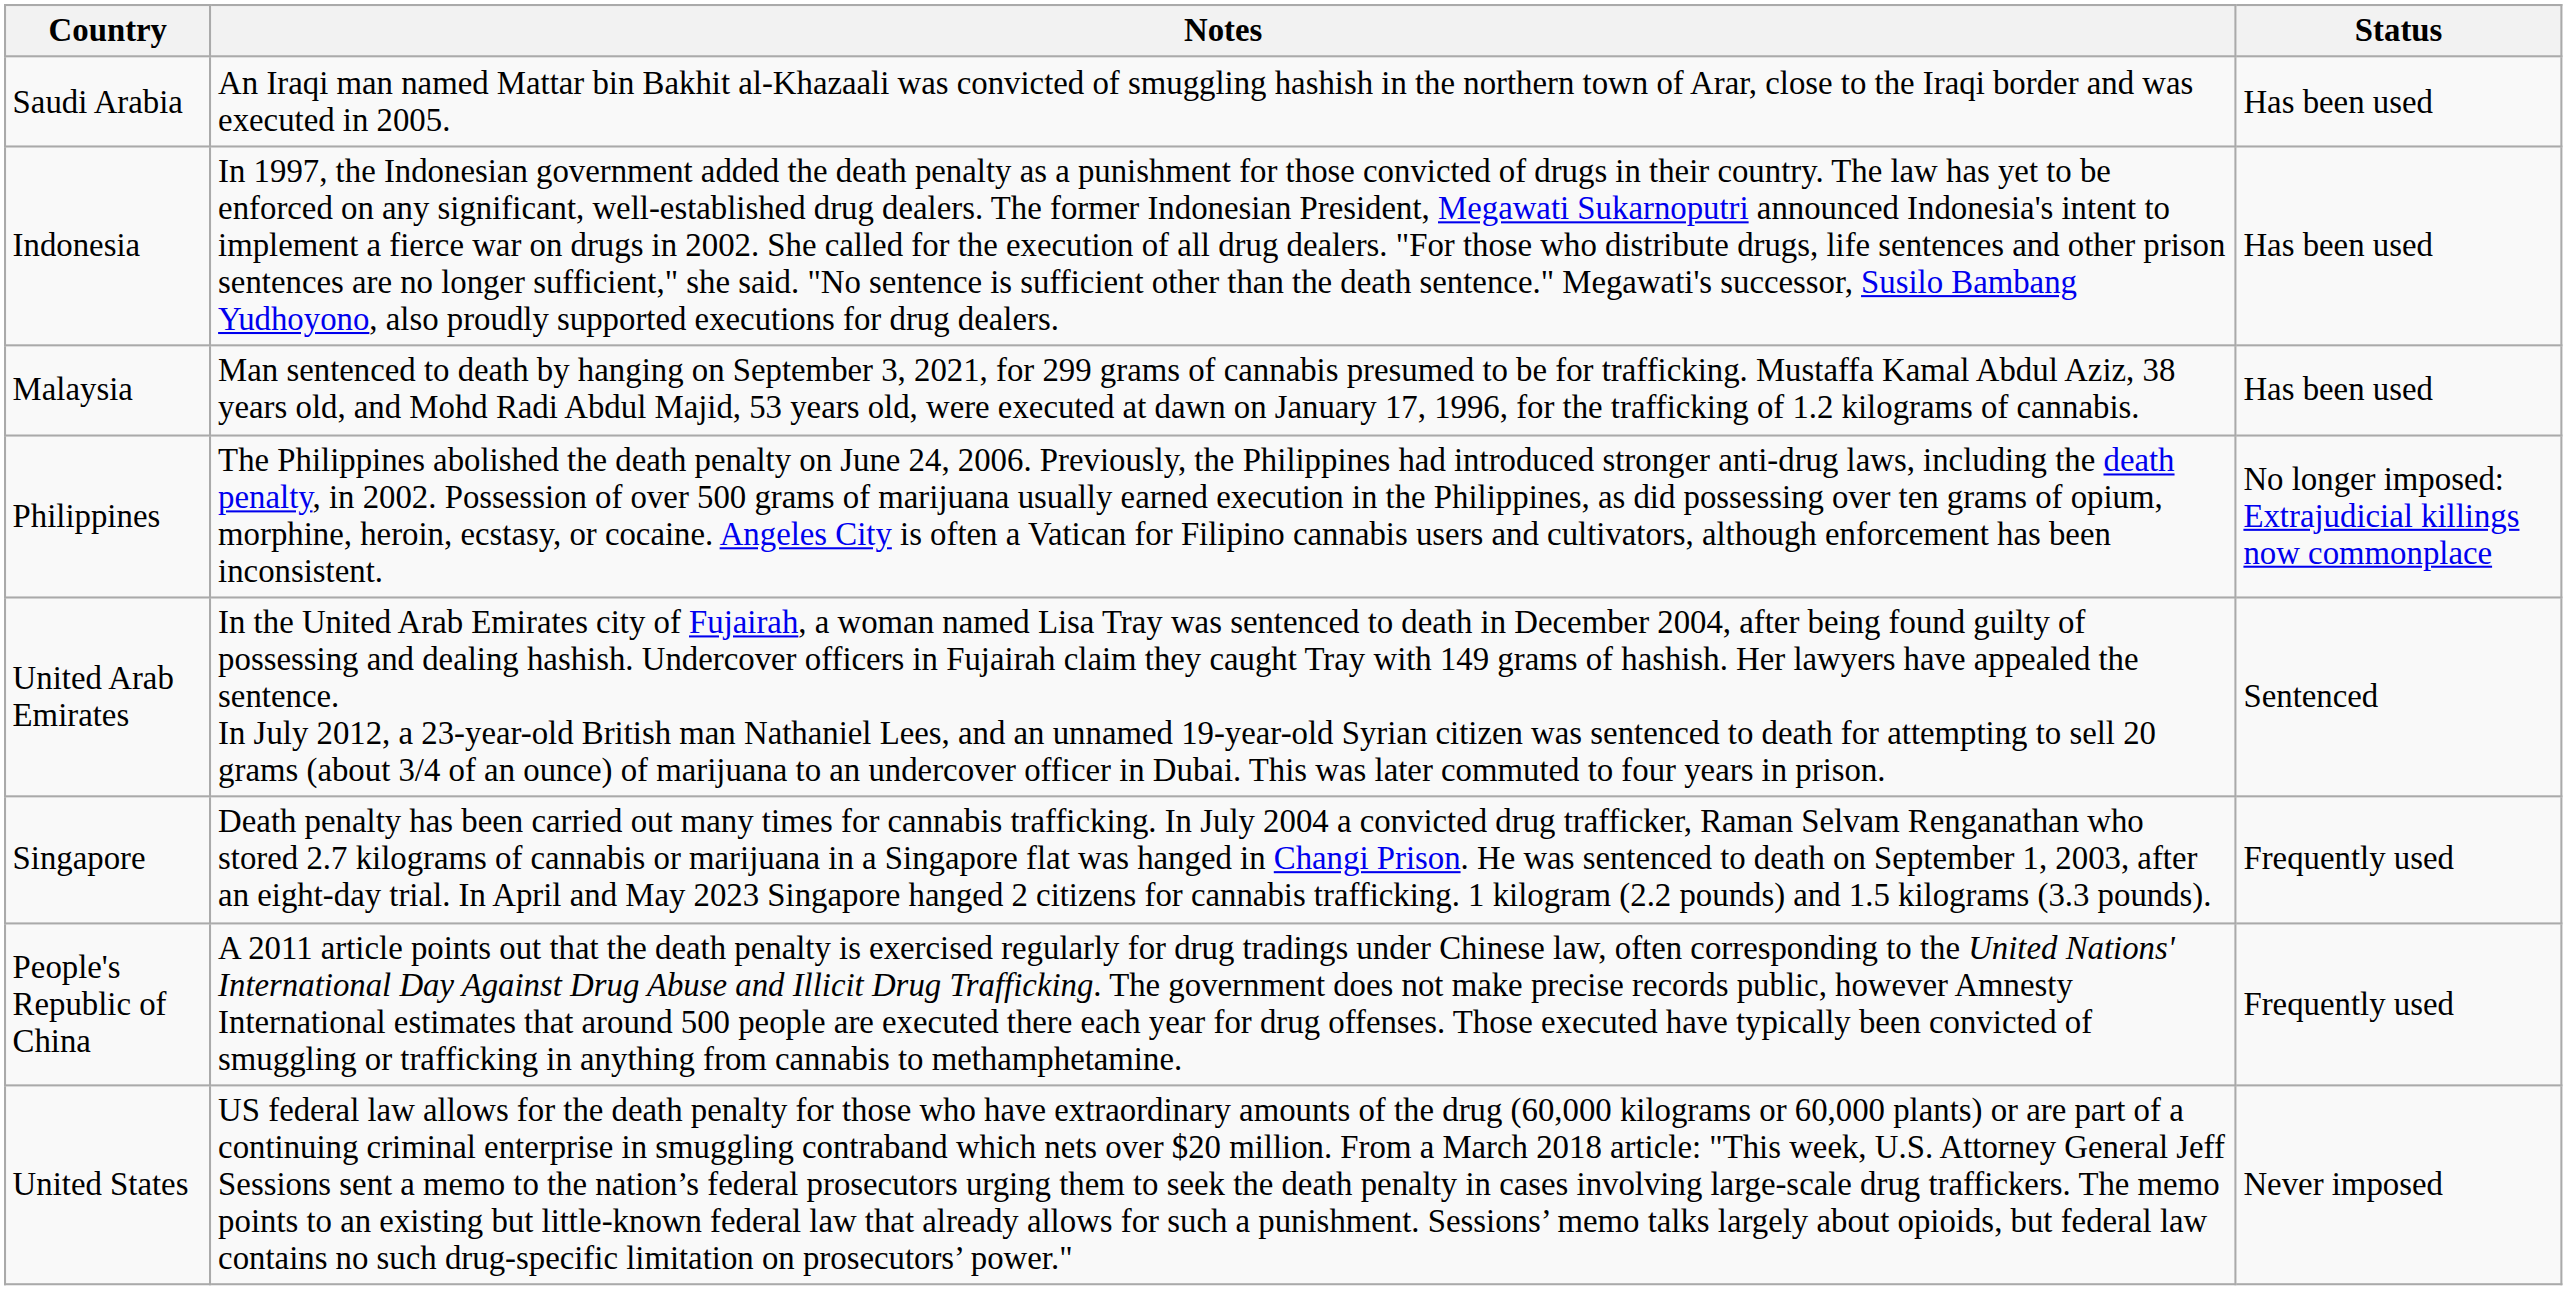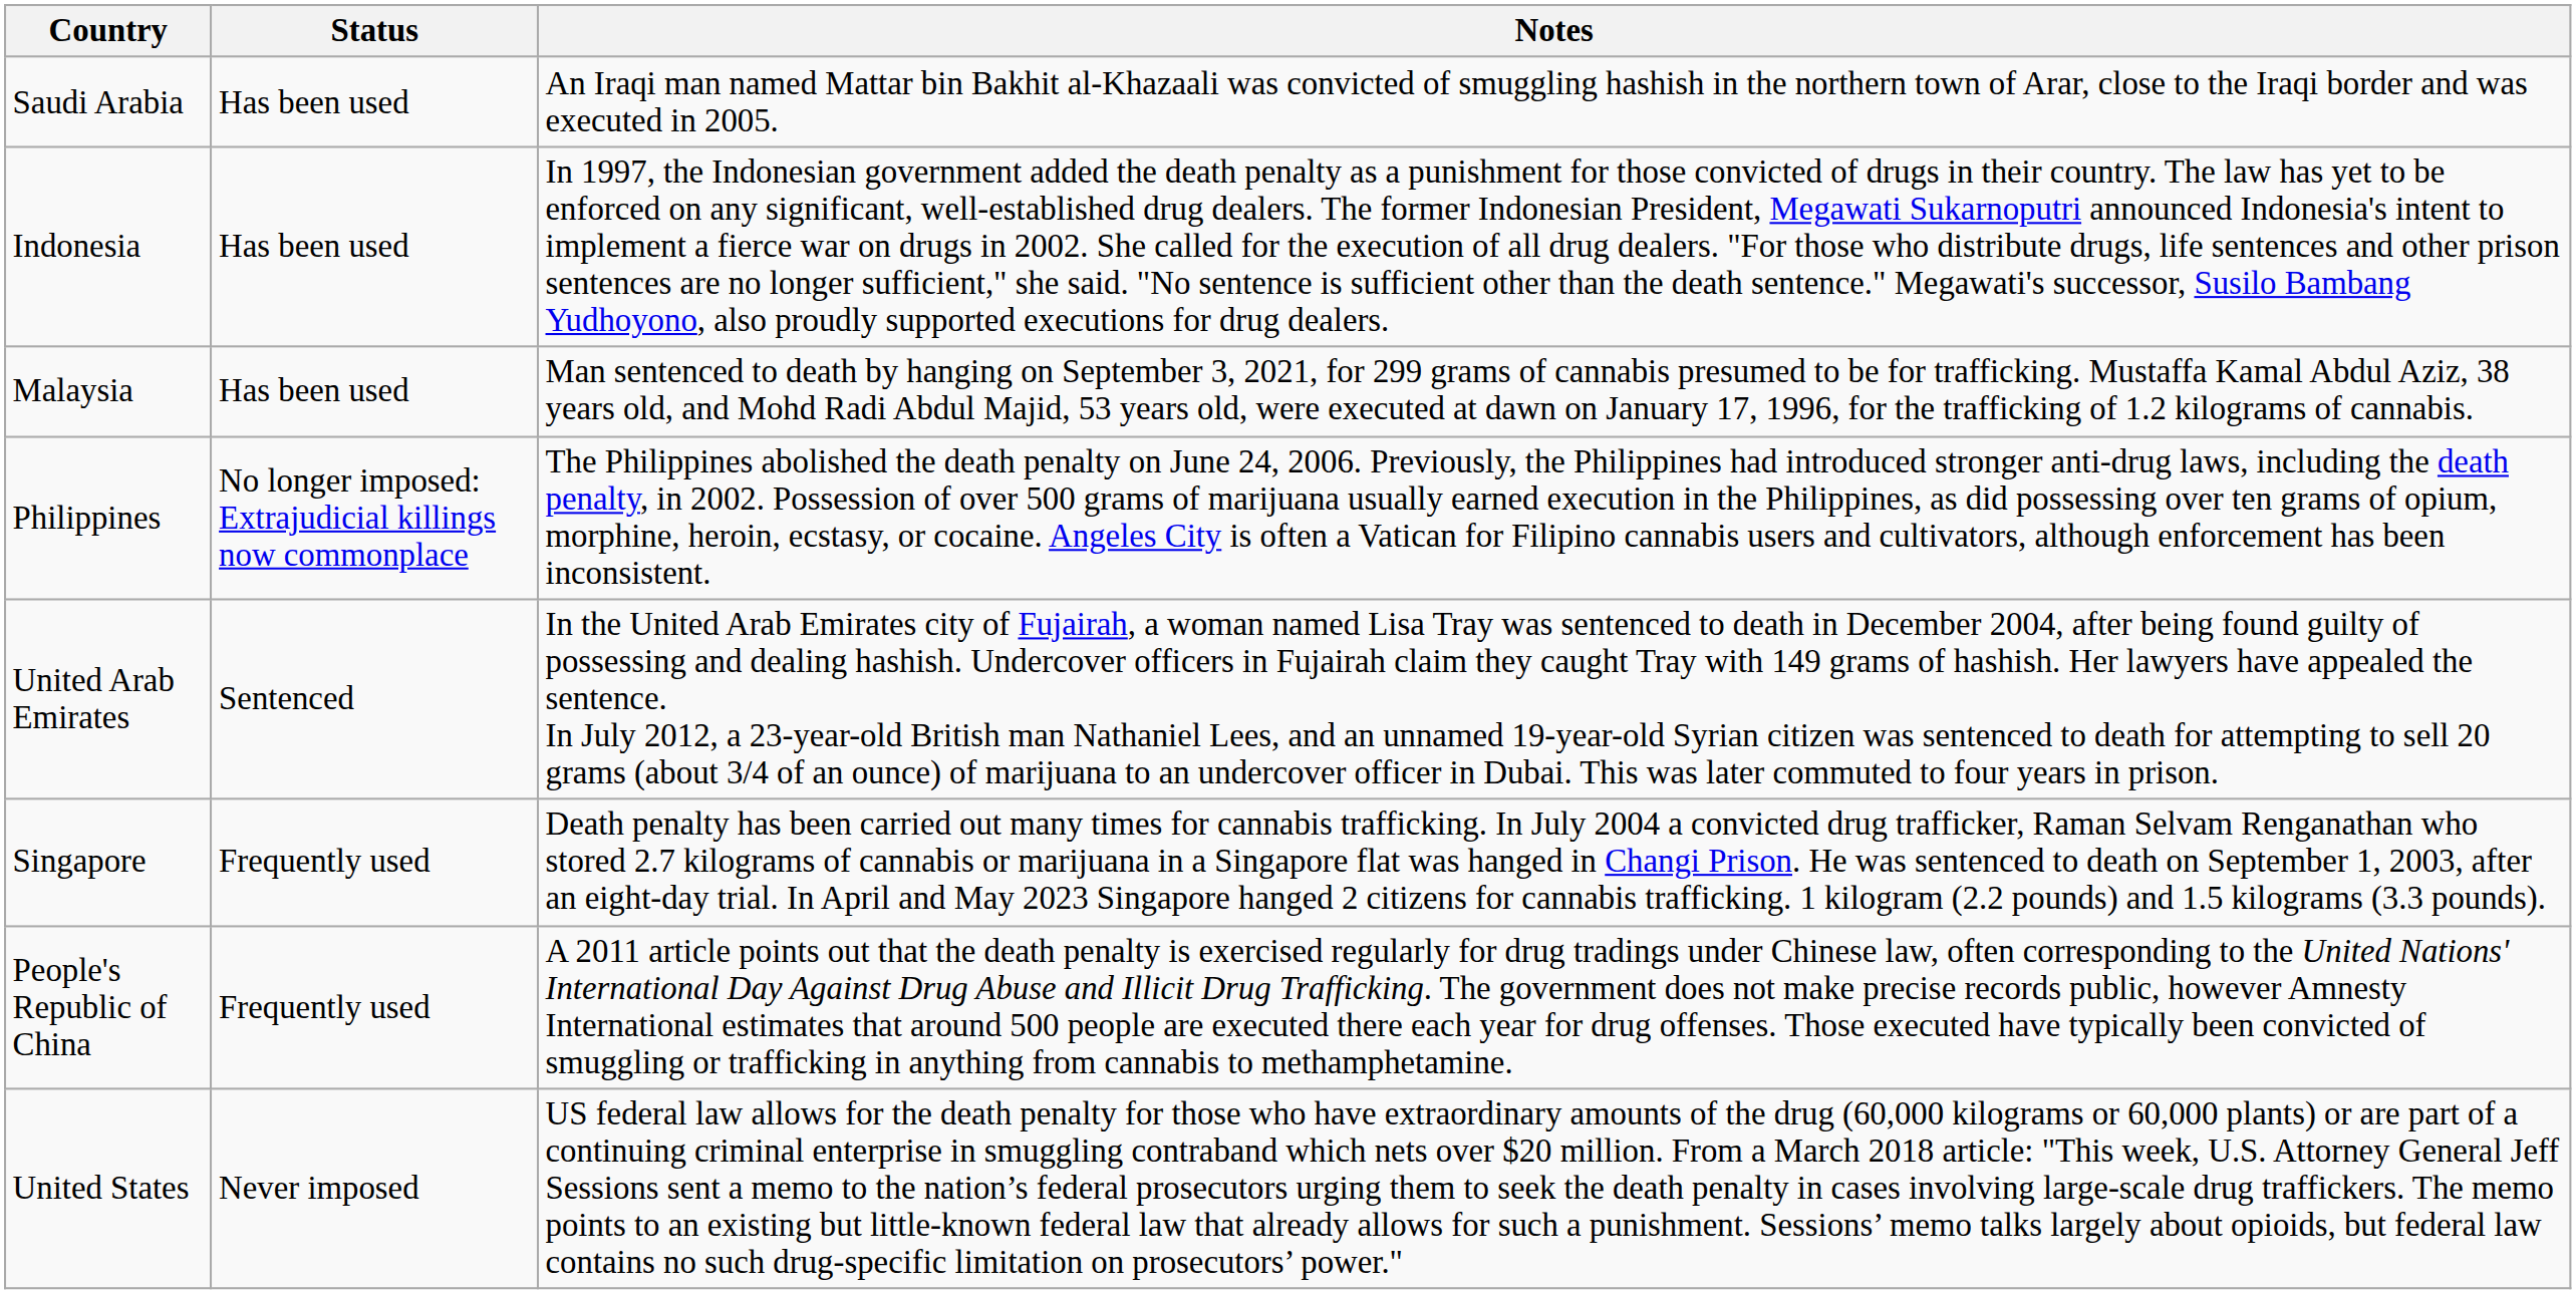 <table class="wikitable sortable">
 <tr>
 <th>Country</th>
+<th>Status</th>
 <th class="unsortable">Notes</th>
-<th>Status</th>
 </tr>
 <tr>
 <td>Saudi Arabia</td>
+<td>Has been used</td>
 <td>An Iraqi man named Mattar bin Bakhit al-Khazaali was convicted of smuggling hashish in the northern town of Arar, close to the Iraqi border and was executed in 2005.</td>
-<td>Has been used</td>
 </tr>
 <tr>
 <td>Indonesia</td>
+<td>Has been used</td>
 <td>In 1997, the Indonesian government  added the death penalty as a punishment for those convicted of drugs in their country. The law has yet to be enforced on any significant, well-established drug dealers. The former Indonesian President, <a href='#'>Megawati Sukarnoputri</a> announced Indonesia's intent to implement a fierce war on drugs in 2002. She called for the execution of all drug dealers. "For those who distribute drugs, life sentences and other prison sentences are no longer sufficient," she said. "No sentence is sufficient other than the death sentence." Megawati's successor, <a href='#'>Susilo Bambang Yudhoyono</a>, also proudly supported executions for drug dealers.</td>
-<td>Has been used</td>
 </tr>
 <tr>
 <td>Malaysia</td>
+<td>Has been used</td>
 <td>Man sentenced to death by hanging on September 3, 2021, for 299 grams of cannabis presumed to be for trafficking. Mustaffa Kamal Abdul Aziz, 38 years old, and Mohd Radi Abdul Majid, 53 years old, were executed at dawn on January 17, 1996, for the trafficking of 1.2 kilograms of cannabis.</td>
-<td>Has been used</td>
 </tr>
 <tr>
 <td>Philippines</td>
+<td>No longer imposed: <a href='#'>Extrajudicial killings now commonplace</a></td>
 <td>The Philippines abolished the death penalty on June 24, 2006. Previously, the Philippines had introduced stronger anti-drug laws, including the <a href='#'>death penalty</a>, in 2002. Possession of over 500 grams of marijuana usually earned execution in the Philippines, as did possessing over ten grams of opium, morphine, heroin, ecstasy, or cocaine. <a href='#'>Angeles City</a> is often a Vatican for Filipino cannabis users and cultivators, although enforcement has been inconsistent.</td>
-<td>No longer imposed: <a href='#'>Extrajudicial killings now commonplace</a></td>
 </tr>
 <tr>
 <td>United Arab Emirates</td>
+<td>Sentenced</td>
 <td>In the United Arab Emirates city of <a href='#'>Fujairah</a>, a woman named Lisa Tray was sentenced to death in December 2004, after being found guilty of possessing and dealing hashish. Undercover officers in Fujairah claim they caught Tray with 149 grams of hashish. Her lawyers have appealed the sentence.<br>In July 2012, a 23-year-old British man Nathaniel Lees, and an unnamed 19-year-old Syrian citizen was sentenced to death for attempting to sell 20 grams (about 3/4 of an ounce) of marijuana to an undercover officer in Dubai.     This was later commuted to four years in prison.</td>
-<td>Sentenced</td>
 </tr>
 <tr>
 <td>Singapore</td>
+<td>Frequently used</td>
 <td>Death penalty has been carried out many times for cannabis trafficking. In July 2004 a convicted drug trafficker, Raman Selvam Renganathan who stored 2.7 kilograms of cannabis or marijuana in a Singapore flat was hanged in <a href='#'>Changi Prison</a>. He was sentenced to death on September 1, 2003, after an eight-day trial.  In April and May 2023 Singapore hanged 2 citizens for cannabis trafficking. 1 kilogram (2.2 pounds) and 1.5 kilograms (3.3 pounds).</td>
-<td>Frequently used</td>
 </tr>
 <tr>
 <td>People's Republic of China</td>
+<td>Frequently used</td>
 <td>A 2011 article points out that the death penalty is exercised regularly for drug tradings under Chinese law, often corresponding to the <em>United Nations' International Day Against Drug Abuse and Illicit Drug Trafficking</em>. The government does not make precise records public, however Amnesty International estimates that around 500 people are executed there each year for drug offenses. Those executed have typically been convicted of smuggling or trafficking in anything from cannabis to methamphetamine.</td>
-<td>Frequently used</td>
 </tr>
 <tr>
 <td>United States</td>
+<td>Never imposed</td>
 <td>US federal law allows for the death penalty for those who have extraordinary amounts of the drug (60,000 kilograms or 60,000 plants) or are part of a continuing criminal enterprise in smuggling contraband which nets over $20 million. From a March 2018 article: "This week, U.S. Attorney General Jeff Sessions sent a memo to the nation’s federal prosecutors urging them to seek the death penalty in cases involving large-scale drug traffickers. The memo points to an existing but little-known federal law that already allows for such a punishment. Sessions’ memo talks largely about opioids, but federal law contains no such drug-specific limitation on prosecutors’ power."</td>
-<td>Never imposed</td>
 </tr>
 </table>
